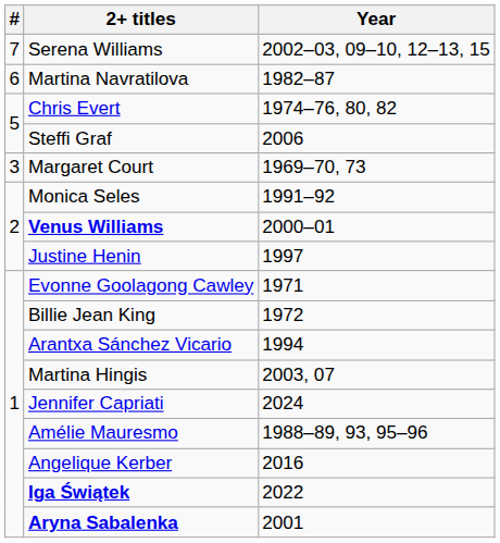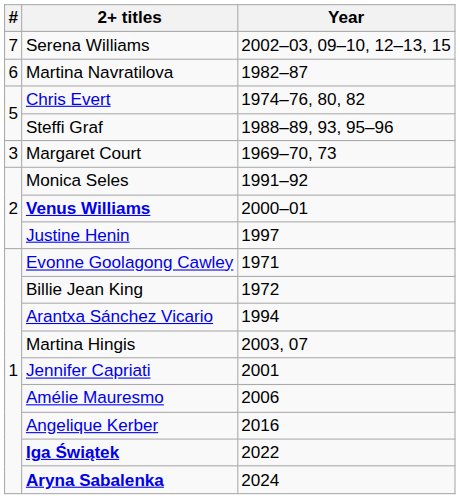 <table class="wikitable" style="display:inline-table;">
 <tr>
 <th>#</th>
 <th>2+ titles</th>
 <th>Year</th>
 </tr>
 <tr>
 <td>7</td>
 <td> Serena Williams</td>
 <td>2002–03, 09–10, 12–13, 15</td>
 </tr>
 <tr>
 <td>6</td>
 <td> Martina Navratilova</td>
 <td>1982–87</td>
 </tr>
 <tr>
 <td rowspan=2>5</td>
 <td> <a href='#'>Chris Evert</a></td>
 <td>1974–76, 80, 82</td>
 </tr>
 <tr>
 <td> Steffi Graf</td>
-<td>2006</td>
+<td>1988–89, 93, 95–96</td>
 </tr>
 <tr>
 <td>3</td>
 <td> Margaret Court</td>
 <td>1969–70, 73</td>
 </tr>
 <tr>
 <td rowspan=3>2</td>
 <td> Monica Seles</td>
 <td>1991–92</td>
 </tr>
 <tr>
 <td> <strong><a href='#'>Venus Williams</a></strong></td>
 <td>2000–01</td>
 </tr>
 <tr>
 <td> <a href='#'>Justine Henin</a></td>
 <td>1997</td>
 </tr>
 <tr>
 <td rowspan=9>1</td>
 <td> <a href='#'>Evonne Goolagong Cawley</a></td>
 <td>1971</td>
 </tr>
 <tr>
 <td> Billie Jean King</td>
 <td>1972</td>
 </tr>
 <tr>
 <td> <a href='#'>Arantxa Sánchez Vicario</a></td>
 <td>1994</td>
 </tr>
 <tr>
 <td> Martina Hingis</td>
 <td>2003, 07</td>
 </tr>
 <tr>
 <td> <a href='#'>Jennifer Capriati</a></td>
-<td>2024</td>
+<td>2001</td>
 </tr>
 <tr>
 <td> <a href='#'>Amélie Mauresmo</a></td>
-<td>1988–89, 93, 95–96</td>
+<td>2006</td>
 </tr>
 <tr>
 <td> <a href='#'>Angelique Kerber</a></td>
 <td>2016</td>
 </tr>
 <tr>
 <td> <strong><a href='#'>Iga Świątek</a></strong></td>
 <td>2022</td>
 </tr>
 <tr>
 <td> <strong><a href='#'>Aryna Sabalenka</a></strong></td>
-<td>2001</td>
+<td>2024</td>
 </tr>
 </table>
